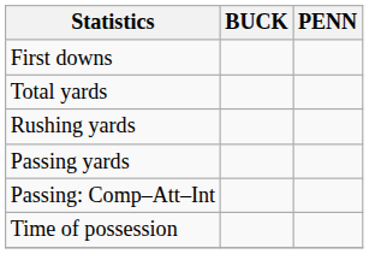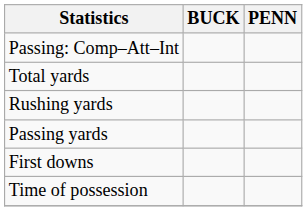 <table class="wikitable" style="float: left;">
 <tr>
 <th>Statistics</th>
 <th>BUCK</th>
 <th>PENN</th>
 </tr>
 <tr>
-<td>First downs</td>
+<td>Passing: Comp–Att–Int</td>
 <td></td>
 <td></td>
 </tr>
 <tr>
 <td>Total yards</td>
 <td></td>
 <td></td>
 </tr>
 <tr>
 <td>Rushing yards</td>
 <td></td>
 <td></td>
 </tr>
 <tr>
 <td>Passing yards</td>
 <td></td>
 <td></td>
 </tr>
 <tr>
-<td>Passing: Comp–Att–Int</td>
+<td>First downs</td>
 <td></td>
 <td></td>
 </tr>
 <tr>
 <td>Time of possession</td>
 <td></td>
 <td></td>
 </tr>
 <tr>
 </tr>
 </table>
